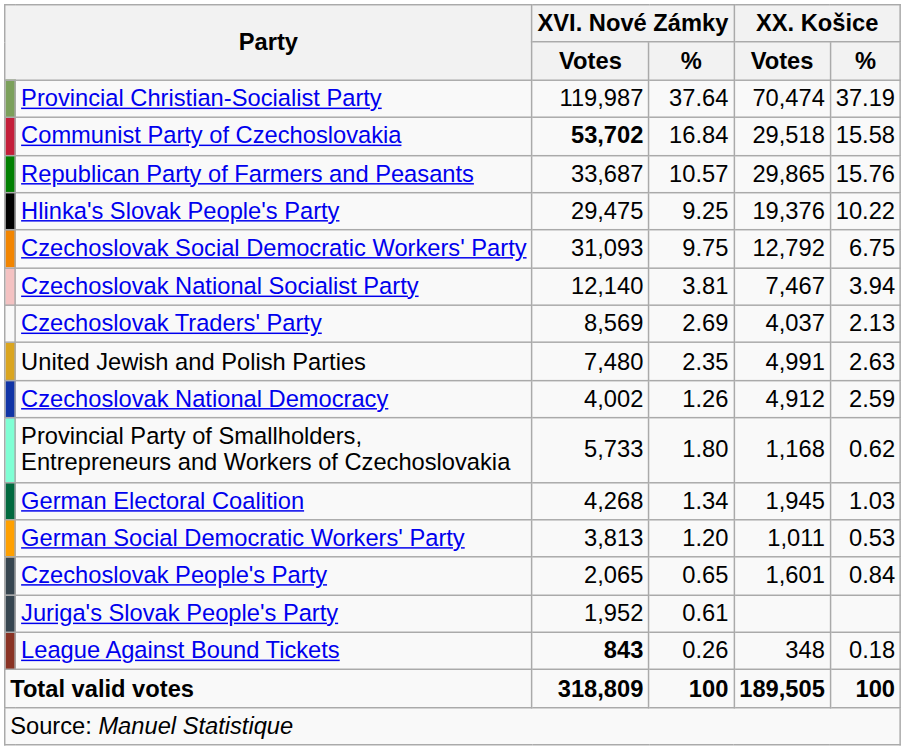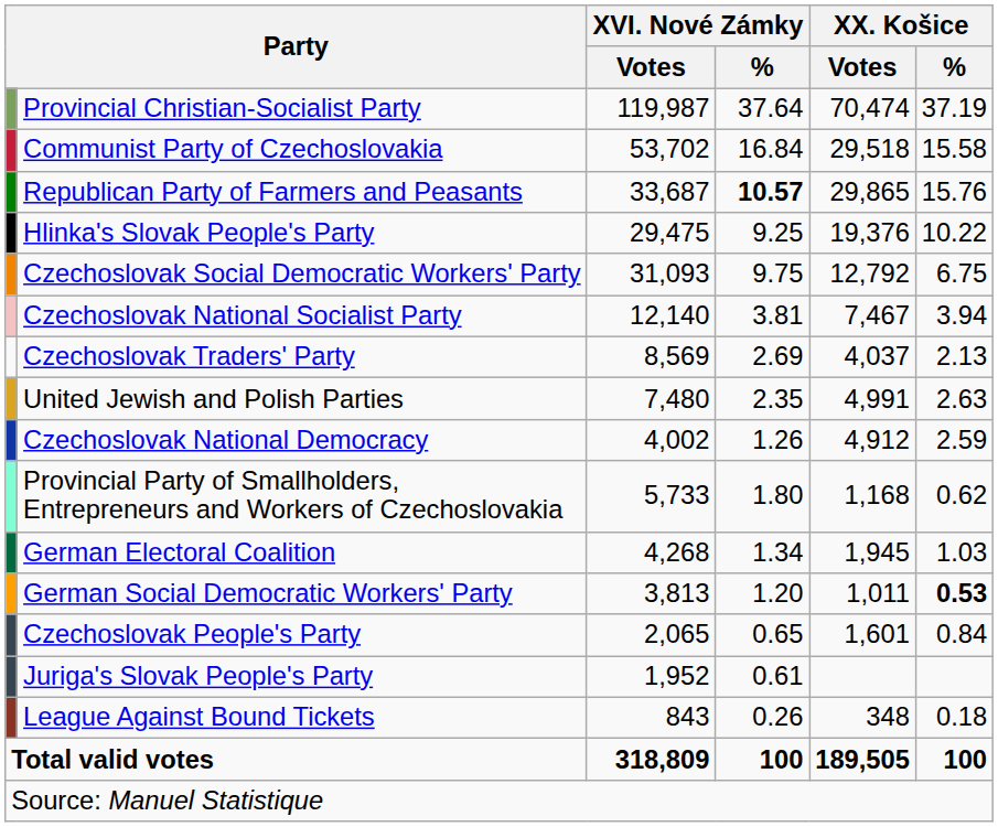 <table class=wikitable style=text-align:right>
 <tr>
 <th colspan=2 rowspan=2>Party</th>
 <th colspan=2>XVI. Nové Zámky</th>
 <th colspan=2>XX. Košice</th>
 </tr>
 <tr>
 <th>Votes</th>
 <th>%</th>
 <th>Votes</th>
 <th>%</th>
 </tr>
 <tr>
 <td bgcolor=#7BA05B></td>
 <td align=left><a href='#'>Provincial Christian-Socialist Party</a></td>
 <td>119,987</td>
 <td>37.64</td>
 <td>70,474</td>
 <td>37.19</td>
 </tr>
 <tr>
 <td bgcolor=#C41E3A></td>
 <td align=left><a href='#'>Communist Party of Czechoslovakia</a></td>
-<td><strong>53,702</strong></td>
+<td>53,702</td>
 <td>16.84</td>
 <td>29,518</td>
 <td>15.58</td>
 </tr>
 <tr>
 <td bgcolor=#008000></td>
 <td align=left><a href='#'>Republican Party of Farmers and Peasants</a></td>
 <td>33,687</td>
-<td>10.57</td>
+<td><strong>10.57</strong></td>
 <td>29,865</td>
 <td>15.76</td>
 </tr>
 <tr>
 <td bgcolor=#000000></td>
 <td align=left><a href='#'>Hlinka's Slovak People's Party</a></td>
 <td>29,475</td>
 <td>9.25</td>
 <td>19,376</td>
 <td>10.22</td>
 </tr>
 <tr>
 <td bgcolor=F28500></td>
 <td align=left><a href='#'>Czechoslovak Social Democratic Workers' Party</a></td>
 <td>31,093</td>
 <td>9.75</td>
 <td>12,792</td>
 <td>6.75</td>
 </tr>
 <tr>
 <td bgcolor=F4C2C2></td>
 <td align=left><a href='#'>Czechoslovak National Socialist Party</a></td>
 <td>12,140</td>
 <td>3.81</td>
 <td>7,467</td>
 <td>3.94</td>
 </tr>
 <tr>
 <td bgcolor=></td>
 <td align=left><a href='#'>Czechoslovak Traders' Party</a></td>
 <td>8,569</td>
 <td>2.69</td>
 <td>4,037</td>
 <td>2.13</td>
 </tr>
 <tr>
 <td bgcolor=#DAA520></td>
 <td align=left>United Jewish and Polish Parties</td>
 <td>7,480</td>
 <td>2.35</td>
 <td>4,991</td>
 <td>2.63</td>
 </tr>
 <tr>
 <td bgcolor=#1034A6></td>
 <td align=left><a href='#'>Czechoslovak National Democracy</a></td>
 <td>4,002</td>
 <td>1.26</td>
 <td>4,912</td>
 <td>2.59</td>
 </tr>
 <tr>
 <td bgcolor=#7FFFD4></td>
 <td align=left>Provincial Party of Smallholders,<br> Entrepreneurs and Workers of Czechoslovakia</td>
 <td>5,733</td>
 <td>1.80</td>
 <td>1,168</td>
 <td>0.62</td>
 </tr>
 <tr>
 <td bgcolor=#00693E></td>
 <td align=left><a href='#'>German Electoral Coalition</a></td>
 <td>4,268</td>
 <td>1.34</td>
 <td>1,945</td>
 <td>1.03</td>
 </tr>
 <tr>
 <td bgcolor=#FFA000></td>
 <td align=left><a href='#'>German Social Democratic Workers' Party</a></td>
 <td>3,813</td>
 <td>1.20</td>
 <td>1,011</td>
-<td>0.53</td>
+<td><strong>0.53</strong></td>
 </tr>
 <tr>
 <td bgcolor=#36454F></td>
 <td align=left><a href='#'>Czechoslovak People's Party</a></td>
 <td>2,065</td>
 <td>0.65</td>
 <td>1,601</td>
 <td>0.84</td>
 </tr>
 <tr>
 <td bgcolor=#36454F></td>
 <td align=left><a href='#'>Juriga's Slovak People's Party</a></td>
 <td>1,952</td>
 <td>0.61</td>
 <td></td>
 <td></td>
 </tr>
 <tr>
 <td bgcolor=#8A3324></td>
 <td align=left><a href='#'>League Against Bound Tickets</a></td>
-<td><strong>843</strong></td>
+<td>843</td>
 <td>0.26</td>
 <td>348</td>
 <td>0.18</td>
 </tr>
 <tr>
 <td colspan=2 align=left><strong>Total valid votes</strong></td>
 <td><strong>318,809</strong></td>
 <td><strong>100</strong></td>
 <td><strong>189,505</strong></td>
 <td><strong>100</strong></td>
 </tr>
 <tr>
 <td align=left colspan=6>Source: <em>Manuel Statistique</em></td>
 </tr>
 </table>
